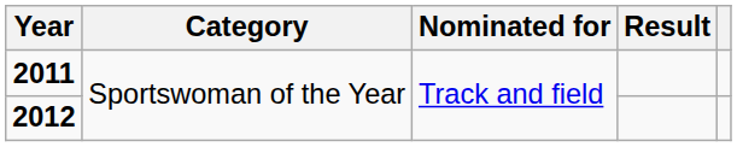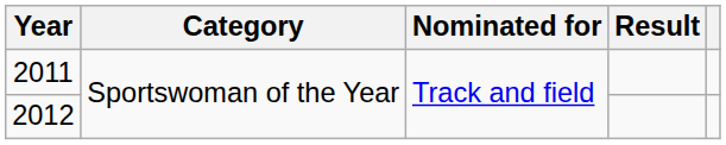 <table class="wikitable plainrowheaders">
 <tr>
 <th scope="col">Year</th>
 <th scope="col">Category</th>
 <th scope="col">Nominated for</th>
 <th scope="col">Result</th>
 <th scope="col"></th>
 </tr>
 <tr>
-<td align="center"><strong>2011</strong></td>
+<td align="center">2011</td>
 <td rowspan = "2">Sportswoman of the Year</td>
 <td rowspan = "2"><a href='#'>Track and field</a></td>
 <td></td>
 <td></td>
 </tr>
 <tr>
-<td align="center"><strong>2012</strong></td>
+<td align="center">2012</td>
 <td></td>
 <td></td>
 </tr>
 </table>
